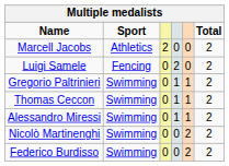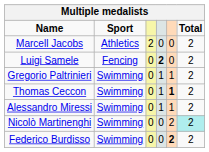 <table class="wikitable" style="font-size:85%; float:right;">
 <tr style="background:#efefef;">
 <th colspan=7>Multiple medalists</th>
 </tr>
 <tr align=center>
 <td><strong>Name</strong></td>
 <td><strong>Sport</strong></td>
 <td style="background:#f7f6a8;"></td>
 <td style="background:#dce5e5;"></td>
 <td style="background:#ffdab9;"></td>
 <td><strong>Total</strong></td>
 </tr>
 <tr align=center>
 <td><a href='#'>Marcell Jacobs</a></td>
 <td><a href='#'>Athletics</a></td>
 <td style="background:#f7f6a8;">2</td>
 <td style="background:#dce5e5;">0</td>
 <td style="background:#ffdab9;">0</td>
 <td>2</td>
 </tr>
 <tr align=center>
 <td><a href='#'>Luigi Samele</a></td>
 <td><a href='#'>Fencing</a></td>
 <td style="background:#f7f6a8;">0</td>
-<td style="background:#dce5e5;">2</td>
+<td style="background:#dce5e5;"><strong>2</strong></td>
 <td style="background:#ffdab9;">0</td>
 <td>2</td>
 </tr>
 <tr align=center>
 <td><a href='#'>Gregorio Paltrinieri</a></td>
 <td><a href='#'>Swimming</a></td>
 <td style="background:#f7f6a8;">0</td>
 <td style="background:#dce5e5;">1</td>
 <td style="background:#ffdab9;">1</td>
 <td>2</td>
 </tr>
 <tr align=center>
 <td><a href='#'>Thomas Ceccon</a></td>
 <td><a href='#'>Swimming</a></td>
 <td style="background:#f7f6a8;">0</td>
 <td style="background:#dce5e5;">1</td>
-<td style="background:#ffdab9;">1</td>
+<td style="background:#ffdab9;"><strong>1</strong></td>
 <td>2</td>
 </tr>
 <tr align=center>
 <td><a href='#'>Alessandro Miressi</a></td>
 <td><a href='#'>Swimming</a></td>
 <td style="background:#f7f6a8;">0</td>
 <td style="background:#dce5e5;">1</td>
 <td style="background:#ffdab9;">1</td>
 <td>2</td>
 </tr>
 <tr align=center>
 <td><a href='#'>Nicolò Martinenghi</a></td>
 <td><a href='#'>Swimming</a></td>
 <td style="background:#f7f6a8;">0</td>
 <td style="background:#dce5e5;">0</td>
 <td style="background:#ffdab9;">2</td>
-<td>2</td>
+<td style="background: paleturquoise;">2</td>
 </tr>
 <tr align=center>
 <td><a href='#'>Federico Burdisso</a></td>
 <td><a href='#'>Swimming</a></td>
 <td style="background:#f7f6a8;">0</td>
 <td style="background:#dce5e5;">0</td>
-<td style="background:#ffdab9;">2</td>
+<td style="background:#ffdab9;"><strong>2</strong></td>
 <td>2</td>
 </tr>
 </table>
